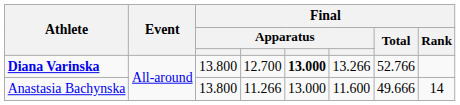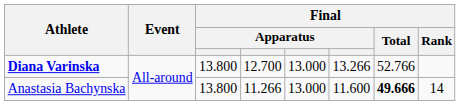 <table class="wikitable" style="font-size:90%">
 <tr>
 <th rowspan=3>Athlete</th>
 <th rowspan=3>Event</th>
 <th colspan=6>Final</th>
 </tr>
 <tr style="font-size:95%">
 <th colspan=4>Apparatus</th>
 <th rowspan=2>Total</th>
 <th rowspan=2>Rank</th>
 </tr>
 <tr style="font-size:95%">
 <th></th>
 <th></th>
 <th></th>
 <th></th>
 </tr>
 <tr align=center>
 <td align=left><strong><a href='#'>Diana Varinska</a></strong></td>
 <td align=left rowspan="2"><a href='#'>All-around</a></td>
 <td>13.800</td>
 <td>12.700</td>
-<td><strong>13.000</strong></td>
+<td>13.000</td>
 <td>13.266</td>
 <td>52.766</td>
 <td></td>
 </tr>
 <tr align=center>
 <td align=left><a href='#'>Anastasia Bachynska</a></td>
 <td>13.800</td>
 <td>11.266</td>
 <td>13.000</td>
 <td>11.600</td>
-<td>49.666</td>
+<td><strong>49.666</strong></td>
 <td>14</td>
 </tr>
 </table>
